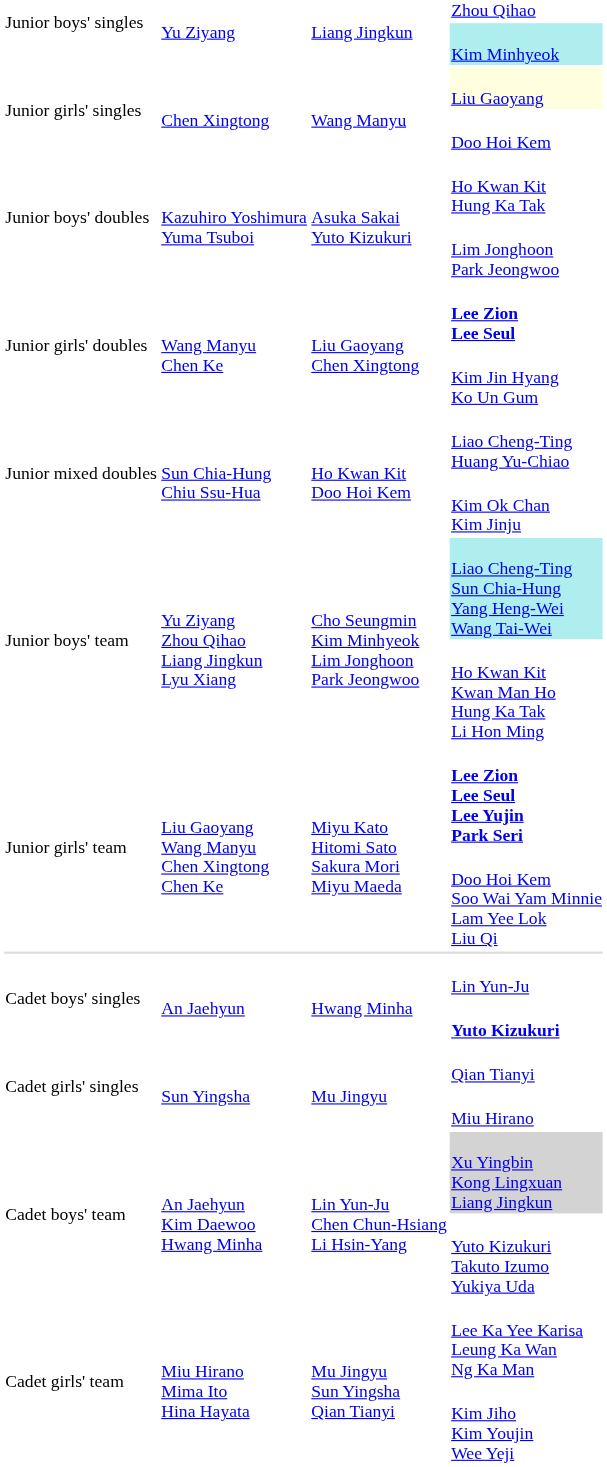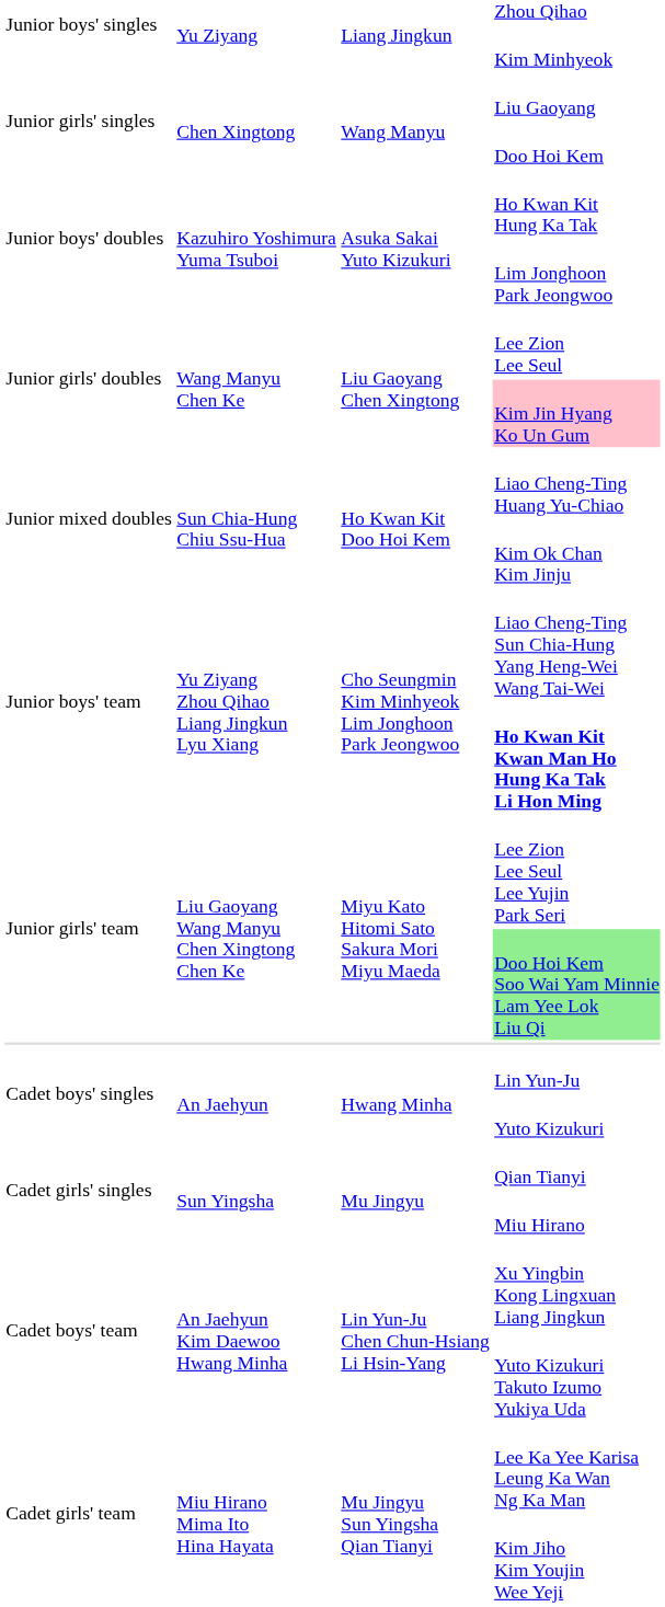 <table>
 <tr>
 <td rowspan=2>Junior boys' singles</td>
 <td rowspan=2><br><a href='#'>Yu Ziyang</a></td>
 <td rowspan=2><br><a href='#'>Liang Jingkun</a></td>
 <td><br><a href='#'>Zhou Qihao</a></td>
 </tr>
 <tr>
-<td style="background: paleturquoise;"><br><a href='#'>Kim Minhyeok</a></td>
+<td><br><a href='#'>Kim Minhyeok</a></td>
 </tr>
 <tr>
 <td rowspan=2>Junior girls' singles</td>
 <td rowspan=2><br><a href='#'>Chen Xingtong</a></td>
 <td rowspan=2><br><a href='#'>Wang Manyu</a></td>
-<td style="background: lightyellow;"><br><a href='#'>Liu Gaoyang</a></td>
+<td><br><a href='#'>Liu Gaoyang</a></td>
 </tr>
 <tr>
 <td><br><a href='#'>Doo Hoi Kem</a></td>
 </tr>
 <tr>
 <td rowspan=2>Junior boys' doubles</td>
 <td rowspan=2><br><a href='#'>Kazuhiro Yoshimura</a><br><a href='#'>Yuma Tsuboi</a></td>
 <td rowspan=2><br><a href='#'>Asuka Sakai</a><br><a href='#'>Yuto Kizukuri</a></td>
 <td><br><a href='#'>Ho Kwan Kit</a><br><a href='#'>Hung Ka Tak</a></td>
 </tr>
 <tr>
 <td><br><a href='#'>Lim Jonghoon</a><br><a href='#'>Park Jeongwoo</a></td>
 </tr>
 <tr>
 <td rowspan=2>Junior girls' doubles</td>
 <td rowspan=2><br><a href='#'>Wang Manyu</a><br><a href='#'>Chen Ke</a></td>
 <td rowspan=2><br><a href='#'>Liu Gaoyang</a><br><a href='#'>Chen Xingtong</a></td>
-<td><strong><br><a href='#'>Lee Zion</a><br><a href='#'>Lee Seul</a></strong></td>
+<td><br><a href='#'>Lee Zion</a><br><a href='#'>Lee Seul</a></td>
 </tr>
 <tr>
-<td><br><a href='#'>Kim Jin Hyang</a><br><a href='#'>Ko Un Gum</a></td>
+<td style="background: pink;"><br><a href='#'>Kim Jin Hyang</a><br><a href='#'>Ko Un Gum</a></td>
 </tr>
 <tr>
 <td rowspan=2>Junior mixed doubles</td>
 <td rowspan=2><br><a href='#'>Sun Chia-Hung</a><br><a href='#'>Chiu Ssu-Hua</a></td>
 <td rowspan=2><br><a href='#'>Ho Kwan Kit</a><br><a href='#'>Doo Hoi Kem</a></td>
 <td><br><a href='#'>Liao Cheng-Ting</a><br><a href='#'>Huang Yu-Chiao</a></td>
 </tr>
 <tr>
 <td><br><a href='#'>Kim Ok Chan</a><br><a href='#'>Kim Jinju</a></td>
 </tr>
 <tr>
 <td rowspan=2>Junior boys' team</td>
 <td rowspan=2><br><a href='#'>Yu Ziyang</a><br><a href='#'>Zhou Qihao</a><br><a href='#'>Liang Jingkun</a><br><a href='#'>Lyu Xiang</a></td>
 <td rowspan=2><br><a href='#'>Cho Seungmin</a><br><a href='#'>Kim Minhyeok</a><br><a href='#'>Lim Jonghoon</a><br><a href='#'>Park Jeongwoo</a></td>
-<td style="background: paleturquoise;"><br><a href='#'>Liao Cheng-Ting</a><br><a href='#'>Sun Chia-Hung</a><br><a href='#'>Yang Heng-Wei</a><br><a href='#'>Wang Tai-Wei</a></td>
+<td><br><a href='#'>Liao Cheng-Ting</a><br><a href='#'>Sun Chia-Hung</a><br><a href='#'>Yang Heng-Wei</a><br><a href='#'>Wang Tai-Wei</a></td>
 </tr>
 <tr>
-<td><br><a href='#'>Ho Kwan Kit</a><br><a href='#'>Kwan Man Ho</a><br><a href='#'>Hung Ka Tak</a><br><a href='#'>Li Hon Ming</a></td>
+<td><strong><br><a href='#'>Ho Kwan Kit</a><br><a href='#'>Kwan Man Ho</a><br><a href='#'>Hung Ka Tak</a><br><a href='#'>Li Hon Ming</a></strong></td>
 </tr>
 <tr>
 <td rowspan=2>Junior girls' team</td>
 <td rowspan=2><br><a href='#'>Liu Gaoyang</a><br><a href='#'>Wang Manyu</a><br><a href='#'>Chen Xingtong</a><br><a href='#'>Chen Ke</a></td>
 <td rowspan=2><br><a href='#'>Miyu Kato</a><br><a href='#'>Hitomi Sato</a><br><a href='#'>Sakura Mori</a><br><a href='#'>Miyu Maeda</a></td>
-<td><strong><br><a href='#'>Lee Zion</a><br><a href='#'>Lee Seul</a><br><a href='#'>Lee Yujin</a><br><a href='#'>Park Seri</a></strong></td>
+<td><br><a href='#'>Lee Zion</a><br><a href='#'>Lee Seul</a><br><a href='#'>Lee Yujin</a><br><a href='#'>Park Seri</a></td>
 </tr>
 <tr>
-<td><br><a href='#'>Doo Hoi Kem</a><br><a href='#'>Soo Wai Yam Minnie</a><br><a href='#'>Lam Yee Lok</a><br><a href='#'>Liu Qi</a></td>
+<td style="background: lightgreen;"><br><a href='#'>Doo Hoi Kem</a><br><a href='#'>Soo Wai Yam Minnie</a><br><a href='#'>Lam Yee Lok</a><br><a href='#'>Liu Qi</a></td>
 </tr>
 <tr style="background:#dddddd;">
 <td colspan=7></td>
 </tr>
 <tr>
 <td rowspan=2>Cadet boys' singles</td>
 <td rowspan=2><br><a href='#'>An Jaehyun</a></td>
 <td rowspan=2><br><a href='#'>Hwang Minha</a></td>
 <td><br><a href='#'>Lin Yun-Ju</a></td>
 </tr>
 <tr>
-<td><strong><br><a href='#'>Yuto Kizukuri</a></strong></td>
+<td><br><a href='#'>Yuto Kizukuri</a></td>
 </tr>
 <tr>
 <td rowspan=2>Cadet girls' singles</td>
 <td rowspan=2><br><a href='#'>Sun Yingsha</a></td>
 <td rowspan=2><br><a href='#'>Mu Jingyu</a></td>
 <td><br><a href='#'>Qian Tianyi</a></td>
 </tr>
 <tr>
 <td><br><a href='#'>Miu Hirano</a></td>
 </tr>
 <tr>
 <td rowspan=2>Cadet boys' team</td>
 <td rowspan=2><br><a href='#'>An Jaehyun</a><br><a href='#'>Kim Daewoo</a><br><a href='#'>Hwang Minha</a></td>
 <td rowspan=2><br><a href='#'>Lin Yun-Ju</a><br><a href='#'>Chen Chun-Hsiang</a><br><a href='#'>Li Hsin-Yang</a></td>
-<td style="background: lightgrey;"><br><a href='#'>Xu Yingbin</a><br><a href='#'>Kong Lingxuan </a><br><a href='#'>Liang Jingkun</a></td>
+<td><br><a href='#'>Xu Yingbin</a><br><a href='#'>Kong Lingxuan </a><br><a href='#'>Liang Jingkun</a></td>
 </tr>
 <tr>
 <td><br><a href='#'>Yuto Kizukuri</a><br><a href='#'>Takuto Izumo</a><br><a href='#'>Yukiya Uda</a></td>
 </tr>
 <tr>
 <td rowspan=2>Cadet girls' team</td>
 <td rowspan=2><br><a href='#'>Miu Hirano</a><br><a href='#'>Mima Ito</a><br><a href='#'>Hina Hayata</a></td>
 <td rowspan=2><br><a href='#'>Mu Jingyu</a><br><a href='#'>Sun Yingsha</a><br><a href='#'>Qian Tianyi</a></td>
 <td><br><a href='#'>Lee Ka Yee Karisa</a><br><a href='#'>Leung Ka Wan</a><br><a href='#'>Ng Ka Man</a></td>
 </tr>
 <tr>
 <td><br><a href='#'>Kim Jiho</a><br><a href='#'>Kim Youjin</a><br><a href='#'>Wee Yeji</a></td>
 </tr>
 </table>
